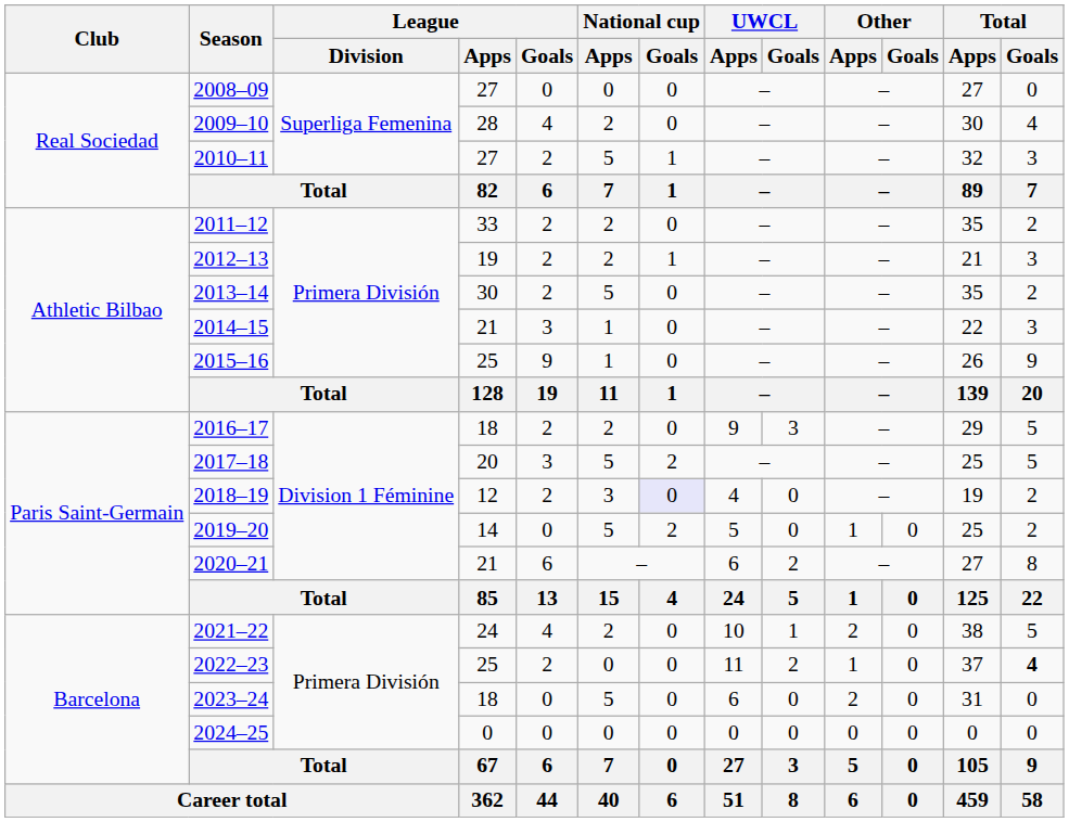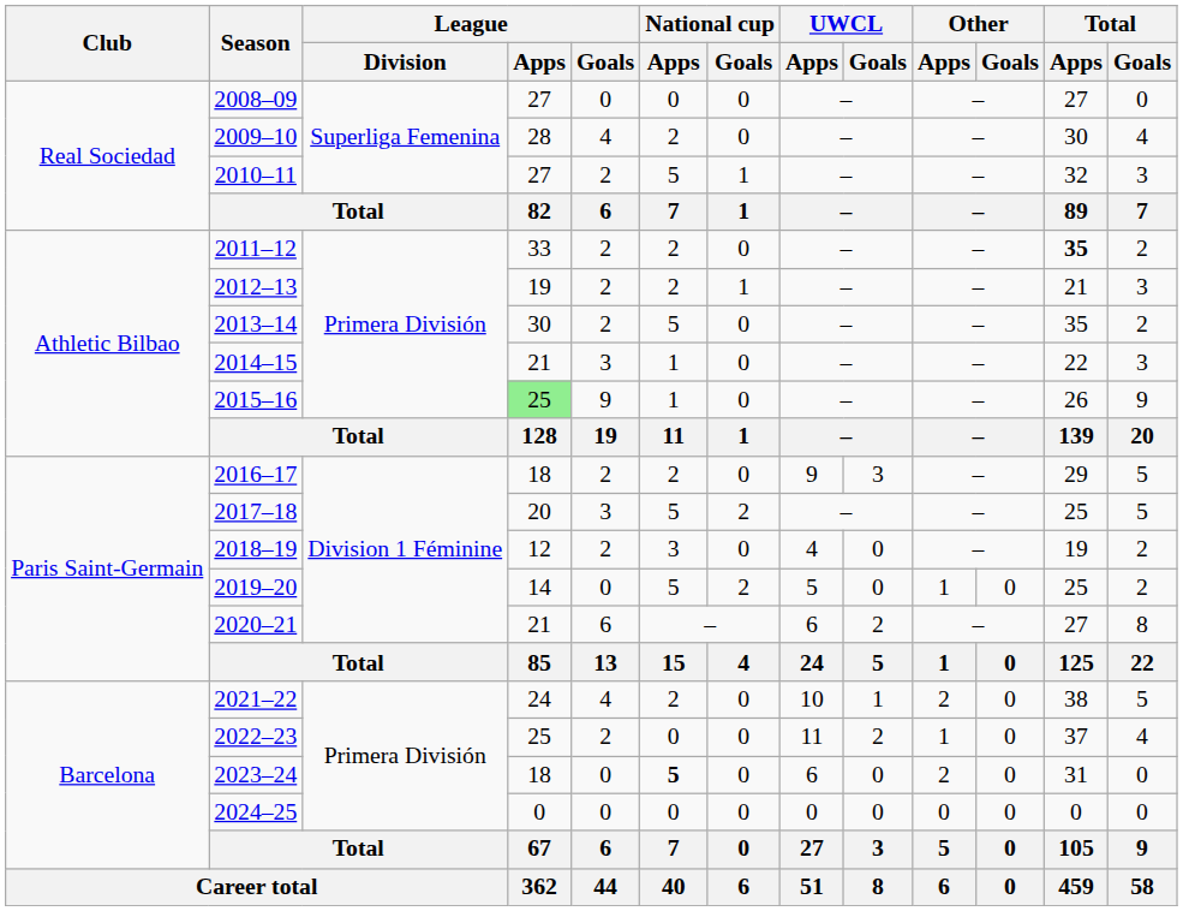 <table class="wikitable" style="text-align:center">
 <tr>
 <th rowspan="2">Club</th>
 <th rowspan="2">Season</th>
 <th colspan="3">League</th>
 <th colspan="2">National cup</th>
 <th colspan="2"><a href='#'>UWCL</a></th>
 <th colspan="2">Other</th>
 <th colspan="2">Total</th>
 </tr>
 <tr>
 <th>Division</th>
 <th>Apps</th>
 <th>Goals</th>
 <th>Apps</th>
 <th>Goals</th>
 <th>Apps</th>
 <th>Goals</th>
 <th>Apps</th>
 <th>Goals</th>
 <th>Apps</th>
 <th>Goals</th>
 </tr>
 <tr>
 <td rowspan="4"><a href='#'>Real Sociedad</a></td>
 <td><a href='#'>2008–09</a></td>
 <td rowspan="3"><a href='#'>Superliga Femenina</a></td>
 <td>27</td>
 <td>0</td>
 <td>0</td>
 <td>0</td>
 <td colspan="2">–</td>
 <td colspan="2">–</td>
 <td>27</td>
 <td>0</td>
 </tr>
 <tr>
 <td><a href='#'>2009–10</a></td>
 <td>28</td>
 <td>4</td>
 <td>2</td>
 <td>0</td>
 <td colspan="2">–</td>
 <td colspan="2">–</td>
 <td>30</td>
 <td>4</td>
 </tr>
 <tr>
 <td><a href='#'>2010–11</a></td>
 <td>27</td>
 <td>2</td>
 <td>5</td>
 <td>1</td>
 <td colspan="2">–</td>
 <td colspan="2">–</td>
 <td>32</td>
 <td>3</td>
 </tr>
 <tr>
 <th colspan="2">Total</th>
 <th>82</th>
 <th>6</th>
 <th>7</th>
 <th>1</th>
 <th colspan="2">–</th>
 <th colspan="2">–</th>
 <th>89</th>
 <th>7</th>
 </tr>
 <tr>
 <td rowspan="6"><a href='#'>Athletic Bilbao</a></td>
 <td><a href='#'>2011–12</a></td>
 <td rowspan="5"><a href='#'>Primera División</a></td>
 <td>33</td>
 <td>2</td>
 <td>2</td>
 <td>0</td>
 <td colspan="2">–</td>
 <td colspan="2">–</td>
-<td>35</td>
+<td><strong>35</strong></td>
 <td>2</td>
 </tr>
 <tr>
 <td><a href='#'>2012–13</a></td>
 <td>19</td>
 <td>2</td>
 <td>2</td>
 <td>1</td>
 <td colspan="2">–</td>
 <td colspan="2">–</td>
 <td>21</td>
 <td>3</td>
 </tr>
 <tr>
 <td><a href='#'>2013–14</a></td>
 <td>30</td>
 <td>2</td>
 <td>5</td>
 <td>0</td>
 <td colspan="2">–</td>
 <td colspan="2">–</td>
 <td>35</td>
 <td>2</td>
 </tr>
 <tr>
 <td><a href='#'>2014–15</a></td>
 <td>21</td>
 <td>3</td>
 <td>1</td>
 <td>0</td>
 <td colspan="2">–</td>
 <td colspan="2">–</td>
 <td>22</td>
 <td>3</td>
 </tr>
 <tr>
 <td><a href='#'>2015–16</a></td>
-<td>25</td>
+<td style="background: lightgreen;">25</td>
 <td>9</td>
 <td>1</td>
 <td>0</td>
 <td colspan="2">–</td>
 <td colspan="2">–</td>
 <td>26</td>
 <td>9</td>
 </tr>
 <tr>
 <th colspan="2">Total</th>
 <th>128</th>
 <th>19</th>
 <th>11</th>
 <th>1</th>
 <th colspan="2">–</th>
 <th colspan="2">–</th>
 <th>139</th>
 <th>20</th>
 </tr>
 <tr>
 <td rowspan="6"><a href='#'>Paris Saint-Germain</a></td>
 <td><a href='#'>2016–17</a></td>
 <td rowspan="5"><a href='#'>Division 1 Féminine</a></td>
 <td>18</td>
 <td>2</td>
 <td>2</td>
 <td>0</td>
 <td>9</td>
 <td>3</td>
 <td colspan="2">–</td>
 <td>29</td>
 <td>5</td>
 </tr>
 <tr>
 <td><a href='#'>2017–18</a></td>
 <td>20</td>
 <td>3</td>
 <td>5</td>
 <td>2</td>
 <td colspan="2">–</td>
 <td colspan="2">–</td>
 <td>25</td>
 <td>5</td>
 </tr>
 <tr>
 <td><a href='#'>2018–19</a></td>
 <td>12</td>
 <td>2</td>
 <td>3</td>
-<td style="background: lavender;">0</td>
+<td>0</td>
 <td>4</td>
 <td>0</td>
 <td colspan="2">–</td>
 <td>19</td>
 <td>2</td>
 </tr>
 <tr>
 <td><a href='#'>2019–20</a></td>
 <td>14</td>
 <td>0</td>
 <td>5</td>
 <td>2</td>
 <td>5</td>
 <td>0</td>
 <td>1</td>
 <td>0</td>
 <td>25</td>
 <td>2</td>
 </tr>
 <tr>
 <td><a href='#'>2020–21</a></td>
 <td>21</td>
 <td>6</td>
 <td colspan="2">–</td>
 <td>6</td>
 <td>2</td>
 <td colspan="2">–</td>
 <td>27</td>
 <td>8</td>
 </tr>
 <tr>
 <th colspan="2">Total</th>
 <th>85</th>
 <th>13</th>
 <th>15</th>
 <th>4</th>
 <th>24</th>
 <th>5</th>
 <th>1</th>
 <th>0</th>
 <th>125</th>
 <th>22</th>
 </tr>
 <tr>
 <td rowspan="5"><a href='#'>Barcelona</a></td>
 <td><a href='#'>2021–22</a></td>
 <td rowspan="4">Primera División</td>
 <td>24</td>
 <td>4</td>
 <td>2</td>
 <td>0</td>
 <td>10</td>
 <td>1</td>
 <td>2</td>
 <td>0</td>
 <td>38</td>
 <td>5</td>
 </tr>
 <tr>
 <td><a href='#'>2022–23</a></td>
 <td>25</td>
 <td>2</td>
 <td>0</td>
 <td>0</td>
 <td>11</td>
 <td>2</td>
 <td>1</td>
 <td>0</td>
 <td>37</td>
-<td><strong>4</strong></td>
+<td>4</td>
 </tr>
 <tr>
 <td><a href='#'>2023–24</a></td>
 <td>18</td>
 <td>0</td>
-<td>5</td>
+<td><strong>5</strong></td>
 <td>0</td>
 <td>6</td>
 <td>0</td>
 <td>2</td>
 <td>0</td>
 <td>31</td>
 <td>0</td>
 </tr>
 <tr>
 <td><a href='#'>2024–25</a></td>
 <td>0</td>
 <td>0</td>
 <td>0</td>
 <td>0</td>
 <td>0</td>
 <td>0</td>
 <td>0</td>
 <td>0</td>
 <td>0</td>
 <td>0</td>
 </tr>
 <tr>
 <th colspan="2">Total</th>
 <th>67</th>
 <th>6</th>
 <th>7</th>
 <th>0</th>
 <th>27</th>
 <th>3</th>
 <th>5</th>
 <th>0</th>
 <th>105</th>
 <th>9</th>
 </tr>
 <tr>
 <th colspan="3">Career total</th>
 <th>362</th>
 <th>44</th>
 <th>40</th>
 <th>6</th>
 <th>51</th>
 <th>8</th>
 <th>6</th>
 <th>0</th>
 <th>459</th>
 <th>58</th>
 </tr>
 </table>
